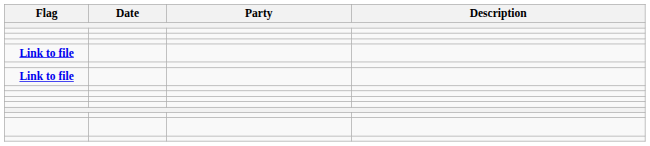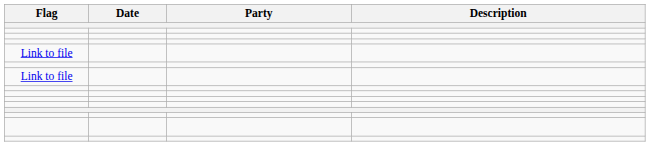 <table class="wikitable" style="background:#f9f9f9">
 <tr>
 <th width="110">Flag</th>
 <th width="100">Date</th>
 <th width="250">Party</th>
 <th width="400">Description</th>
 </tr>
 <tr>
 <th colspan="4"></th>
 </tr>
 <tr>
 <td></td>
 <td></td>
 <td></td>
 <td></td>
 </tr>
 <tr>
 <td></td>
 <td></td>
 <td></td>
 <td></td>
 </tr>
 <tr>
 <td></td>
 <td></td>
 <td></td>
 <td></td>
 </tr>
 <tr>
-<td style="text-align:center;"><strong><a href='#'>Link to file</a></strong></td>
+<td style="text-align:center;"><a href='#'>Link to file</a></td>
 <td></td>
 <td></td>
 <td></td>
 </tr>
 <tr>
 <td></td>
 <td></td>
 <td></td>
 <td></td>
 </tr>
 <tr>
-<td style="text-align:center;"><strong><a href='#'>Link to file</a></strong></td>
+<td style="text-align:center;"><a href='#'>Link to file</a></td>
 <td></td>
 <td></td>
 <td></td>
 </tr>
 <tr>
 <td></td>
 <td></td>
 <td></td>
 <td></td>
 </tr>
 <tr>
 <td></td>
 <td></td>
 <td></td>
 <td></td>
 </tr>
 <tr>
 <td></td>
 <td></td>
 <td></td>
 <td></td>
 </tr>
 <tr>
 <td></td>
 <td></td>
 <td></td>
 <td></td>
 </tr>
 <tr>
 <th colspan="4"></th>
 </tr>
 <tr>
 <td></td>
 <td></td>
 <td></td>
 <td></td>
 </tr>
 <tr>
 <td><br></td>
 <td></td>
 <td></td>
 <td></td>
 </tr>
 <tr>
 <td></td>
 <td></td>
 <td></td>
 <td></td>
 </tr>
 </table>
